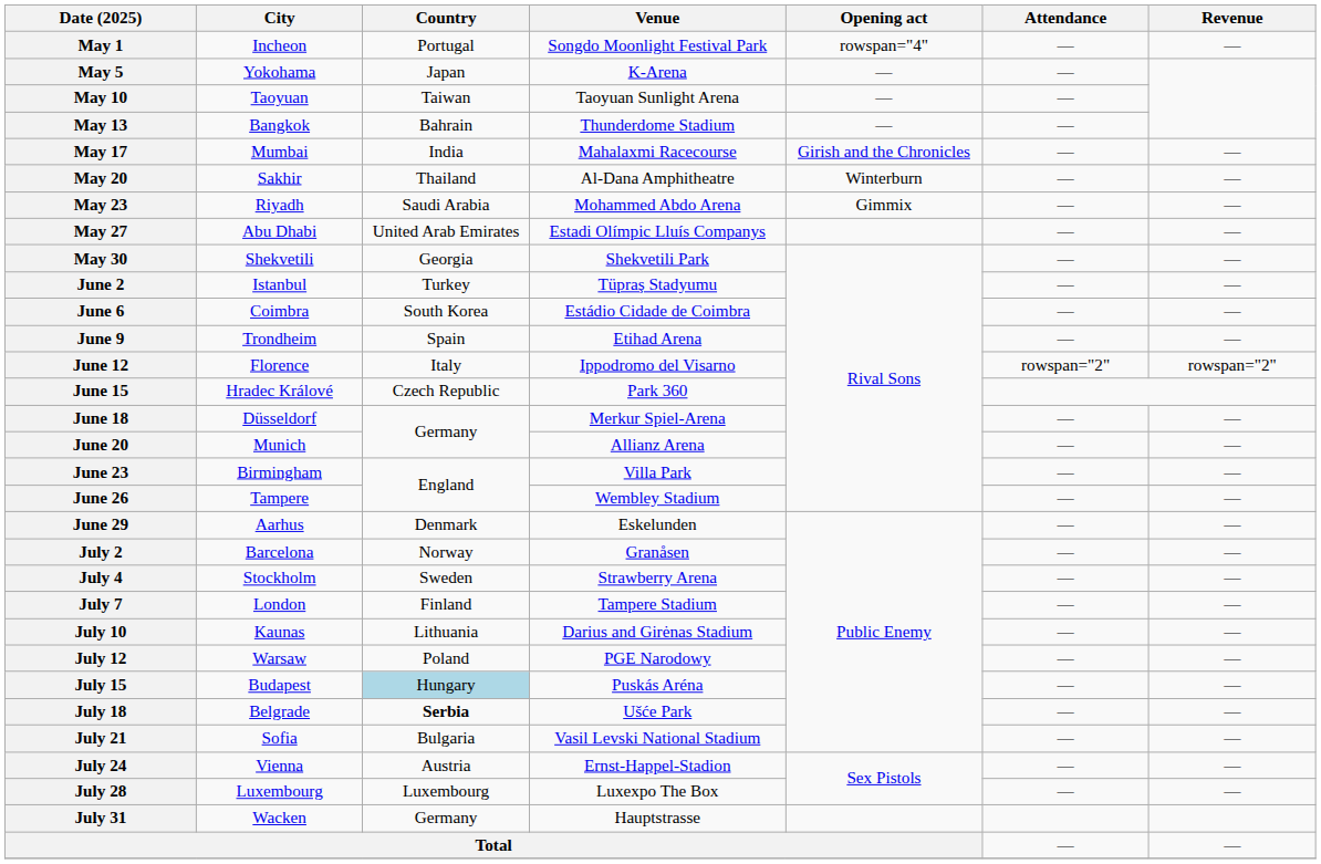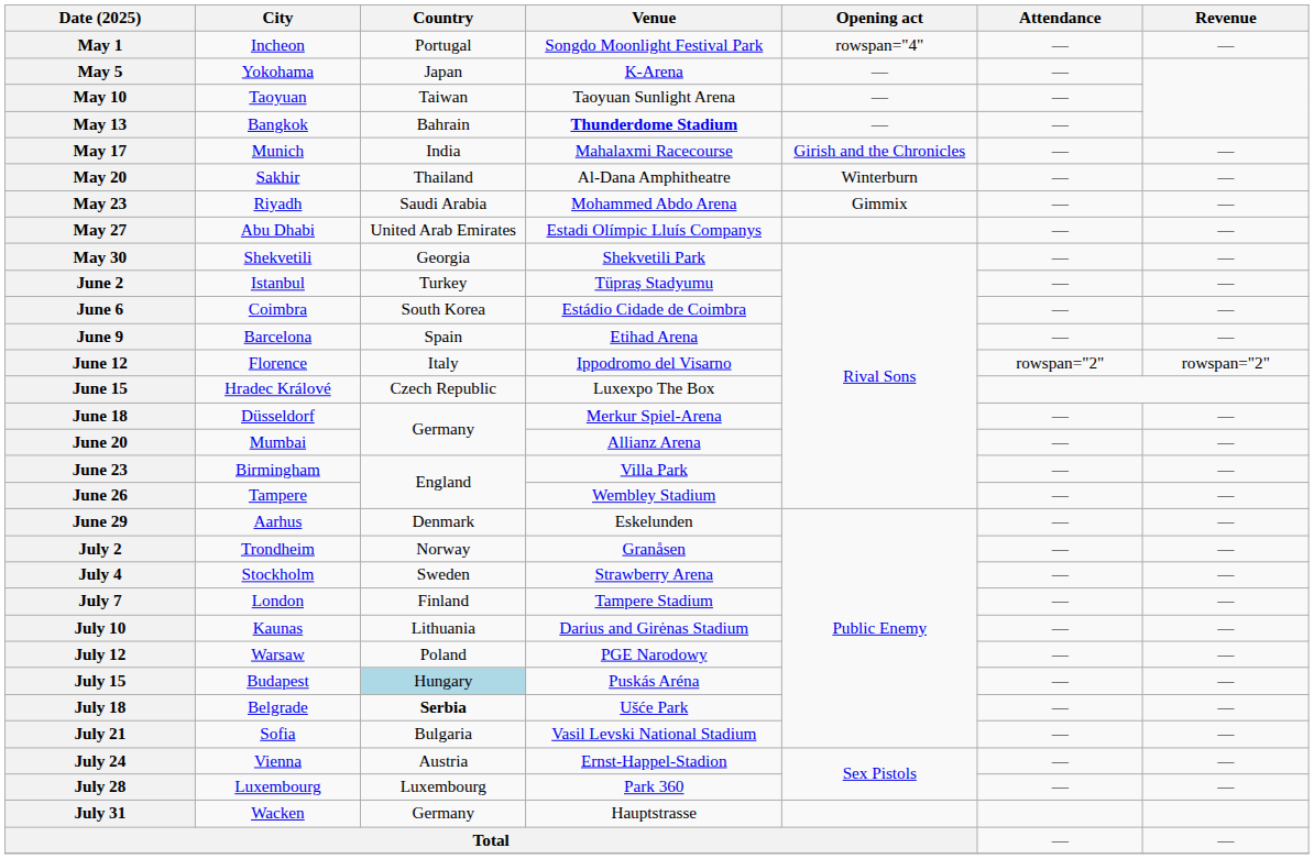 <table class="wikitable plainrowheaders" style="text-align:center;">
 <tr>
 <th scope="col" style="width:12em;">Date (2025)</th>
 <th scope="col" style="width:10em;">City</th>
 <th scope="col" style="width:10em;">Country</th>
 <th scope="col" style="width:16em;">Venue</th>
 <th scope="col" style="width:12em;">Opening act</th>
 <th scope="col" style="width:10em;">Attendance</th>
 <th scope="col" style="width:10em;">Revenue</th>
 </tr>
 <tr>
 <th scope="row" style="text-align:center;">May 1</th>
 <td><a href='#'>Incheon</a></td>
 <td>Portugal</td>
 <td><a href='#'>Songdo Moonlight Festival Park</a></td>
 <td>rowspan="4" </td>
 <td>—</td>
 <td>—</td>
 </tr>
 <tr>
 <th scope="row" style="text-align:center;">May 5</th>
 <td><a href='#'>Yokohama</a></td>
 <td>Japan</td>
 <td><a href='#'>K-Arena</a></td>
 <td>—</td>
 <td>—</td>
 </tr>
 <tr>
 <th scope="row" style="text-align:center;">May 10</th>
 <td><a href='#'>Taoyuan</a></td>
 <td>Taiwan</td>
 <td>Taoyuan Sunlight Arena</td>
 <td>—</td>
 <td>—</td>
 </tr>
 <tr>
 <th scope="row" style="text-align:center;">May 13</th>
 <td><a href='#'>Bangkok</a></td>
 <td>Bahrain</td>
-<td><a href='#'>Thunderdome Stadium</a></td>
+<td><strong><a href='#'>Thunderdome Stadium</a></strong></td>
 <td>—</td>
 <td>—</td>
 </tr>
 <tr>
 <th scope="row" style="text-align:center;">May 17</th>
-<td><a href='#'>Mumbai</a></td>
+<td><a href='#'>Munich</a></td>
 <td>India</td>
 <td><a href='#'>Mahalaxmi Racecourse</a></td>
 <td><a href='#'>Girish and the Chronicles</a></td>
 <td>—</td>
 <td>—</td>
 </tr>
 <tr>
 <th scope="row" style="text-align:center;">May 20</th>
 <td><a href='#'>Sakhir</a></td>
 <td>Thailand</td>
 <td>Al-Dana Amphitheatre</td>
 <td>Winterburn</td>
 <td>—</td>
 <td>—</td>
 </tr>
 <tr>
 <th scope="row" style="text-align:center;">May 23</th>
 <td><a href='#'>Riyadh</a></td>
 <td>Saudi Arabia</td>
 <td><a href='#'>Mohammed Abdo Arena</a></td>
 <td>Gimmix</td>
 <td>—</td>
 <td>—</td>
 </tr>
 <tr>
 <th scope="row" style="text-align:center;">May 27</th>
 <td><a href='#'>Abu Dhabi</a></td>
 <td>United Arab Emirates</td>
 <td><a href='#'>Estadi Olímpic Lluís Companys</a></td>
 <td></td>
 <td>—</td>
 <td>—</td>
 </tr>
 <tr>
 <th scope="row" style="text-align:center;">May 30</th>
 <td><a href='#'>Shekvetili</a></td>
 <td>Georgia</td>
 <td><a href='#'>Shekvetili Park</a></td>
 <td rowspan="10"><a href='#'>Rival Sons</a></td>
 <td>—</td>
 <td>—</td>
 </tr>
 <tr>
 <th scope="row" style="text-align:center;">June 2</th>
 <td><a href='#'>Istanbul</a></td>
 <td>Turkey</td>
 <td><a href='#'>Tüpraş Stadyumu</a></td>
 <td>—</td>
 <td>—</td>
 </tr>
 <tr>
 <th scope="row" style="text-align:center;">June 6</th>
 <td><a href='#'>Coimbra</a></td>
 <td>South Korea</td>
 <td><a href='#'>Estádio Cidade de Coimbra</a></td>
 <td>—</td>
 <td>—</td>
 </tr>
 <tr>
 <th scope="row" style="text-align:center;">June 9</th>
-<td><a href='#'>Trondheim</a></td>
+<td><a href='#'>Barcelona</a></td>
 <td>Spain</td>
 <td><a href='#'>Etihad Arena</a></td>
 <td>—</td>
 <td>—</td>
 </tr>
 <tr>
 <th scope="row" style="text-align:center;">June 12</th>
 <td><a href='#'>Florence</a></td>
 <td>Italy</td>
 <td><a href='#'>Ippodromo del Visarno</a></td>
 <td>rowspan="2" </td>
 <td>rowspan="2" </td>
 </tr>
 <tr>
 <th scope="row" style="text-align:center;">June 15</th>
 <td><a href='#'>Hradec Králové</a></td>
 <td>Czech Republic</td>
-<td><a href='#'>Park 360</a></td>
+<td>Luxexpo The Box</td>
 </tr>
 <tr>
 <th scope="row" style="text-align:center;">June 18</th>
 <td><a href='#'>Düsseldorf</a></td>
 <td rowspan="2">Germany</td>
 <td><a href='#'>Merkur Spiel-Arena</a></td>
 <td>—</td>
 <td>—</td>
 </tr>
 <tr>
 <th scope="row" style="text-align:center;">June 20</th>
-<td><a href='#'>Munich</a></td>
+<td><a href='#'>Mumbai</a></td>
 <td><a href='#'>Allianz Arena</a></td>
 <td>—</td>
 <td>—</td>
 </tr>
 <tr>
 <th scope="row" style="text-align:center;">June 23</th>
 <td><a href='#'>Birmingham</a></td>
 <td rowspan="2">England</td>
 <td><a href='#'>Villa Park</a></td>
 <td>—</td>
 <td>—</td>
 </tr>
 <tr>
 <th scope="row" style="text-align:center;">June 26</th>
 <td><a href='#'>Tampere</a></td>
 <td><a href='#'>Wembley Stadium</a></td>
 <td>—</td>
 <td>—</td>
 </tr>
 <tr>
 <th scope="row" style="text-align:center;">June 29</th>
 <td><a href='#'>Aarhus</a></td>
 <td>Denmark</td>
 <td>Eskelunden</td>
 <td rowspan="9"><a href='#'>Public Enemy</a></td>
 <td>—</td>
 <td>—</td>
 </tr>
 <tr>
 <th scope="row" style="text-align:center;">July 2</th>
-<td><a href='#'>Barcelona</a></td>
+<td><a href='#'>Trondheim</a></td>
 <td>Norway</td>
 <td><a href='#'>Granåsen</a></td>
 <td>—</td>
 <td>—</td>
 </tr>
 <tr>
 <th scope="row" style="text-align:center;">July 4</th>
 <td><a href='#'>Stockholm</a></td>
 <td>Sweden</td>
 <td><a href='#'>Strawberry Arena</a></td>
 <td>—</td>
 <td>—</td>
 </tr>
 <tr>
 <th scope="row" style="text-align:center;">July 7</th>
 <td><a href='#'>London</a></td>
 <td>Finland</td>
 <td><a href='#'>Tampere Stadium</a></td>
 <td>—</td>
 <td>—</td>
 </tr>
 <tr>
 <th scope="row" style="text-align:center;">July 10</th>
 <td><a href='#'>Kaunas</a></td>
 <td>Lithuania</td>
 <td><a href='#'>Darius and Girėnas Stadium</a></td>
 <td>—</td>
 <td>—</td>
 </tr>
 <tr>
 <th scope="row" style="text-align:center;">July 12</th>
 <td><a href='#'>Warsaw</a></td>
 <td>Poland</td>
 <td><a href='#'>PGE Narodowy</a></td>
 <td>—</td>
 <td>—</td>
 </tr>
 <tr>
 <th scope="row" style="text-align:center;">July 15</th>
 <td><a href='#'>Budapest</a></td>
 <td style="background: lightblue;">Hungary</td>
 <td><a href='#'>Puskás Aréna</a></td>
 <td>—</td>
 <td>—</td>
 </tr>
 <tr>
 <th scope="row" style="text-align:center;">July 18</th>
 <td><a href='#'>Belgrade</a></td>
 <td><strong>Serbia</strong></td>
 <td><a href='#'>Ušće Park</a></td>
 <td>—</td>
 <td>—</td>
 </tr>
 <tr>
 <th scope="row" style="text-align:center;">July 21</th>
 <td><a href='#'>Sofia</a></td>
 <td>Bulgaria</td>
 <td><a href='#'>Vasil Levski National Stadium</a></td>
 <td>—</td>
 <td>—</td>
 </tr>
 <tr>
 <th scope="row" style="text-align:center;">July 24</th>
 <td><a href='#'>Vienna</a></td>
 <td>Austria</td>
 <td><a href='#'>Ernst-Happel-Stadion</a></td>
 <td rowspan="2"><a href='#'>Sex Pistols</a></td>
 <td>—</td>
 <td>—</td>
 </tr>
 <tr>
 <th scope="row" style="text-align:center;">July 28</th>
 <td><a href='#'>Luxembourg</a></td>
 <td>Luxembourg</td>
-<td>Luxexpo The Box</td>
+<td><a href='#'>Park 360</a></td>
 <td>—</td>
 <td>—</td>
 </tr>
 <tr>
 <th scope="row" style="text-align:center;">July 31</th>
 <td><a href='#'>Wacken</a></td>
 <td>Germany</td>
 <td>Hauptstrasse</td>
 <td></td>
 <td></td>
 <td></td>
 </tr>
 <tr>
 <th colspan="5">Total</th>
 <td>—</td>
 <td>—</td>
 </tr>
 <tr>
 </tr>
 </table>
